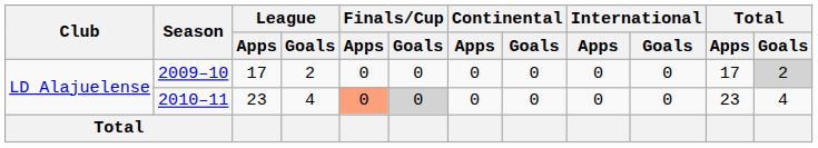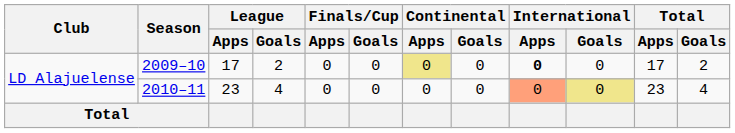 <table class="wikitable" style="text-align: center;">
 <tr>
 <th rowspan="2">Club</th>
 <th rowspan="2">Season</th>
 <th colspan="2">League</th>
 <th colspan="2">Finals/Cup</th>
 <th colspan="2">Continental</th>
 <th colspan="2">International</th>
 <th colspan="2">Total</th>
 </tr>
 <tr>
 <th>Apps</th>
 <th>Goals</th>
 <th>Apps</th>
 <th>Goals</th>
 <th>Apps</th>
 <th>Goals</th>
 <th>Apps</th>
 <th>Goals</th>
 <th>Apps</th>
 <th>Goals</th>
 </tr>
 <tr>
 <td rowspan="2" valign="center"><a href='#'>LD Alajuelense</a></td>
 <td><a href='#'>2009–10</a></td>
 <td>17</td>
 <td>2</td>
 <td>0</td>
 <td>0</td>
+<td style="background: khaki;">0</td>
 <td>0</td>
-<td>0</td>
-<td>0</td>
+<td><strong>0</strong></td>
 <td>0</td>
 <td>17</td>
-<td style="background: lightgrey;">2</td>
+<td>2</td>
 </tr>
 <tr>
 <td><a href='#'>2010–11</a></td>
 <td>23</td>
 <td>4</td>
-<td style="background: lightsalmon;">0</td>
-<td style="background: lightgrey;">0</td>
 <td>0</td>
 <td>0</td>
 <td>0</td>
 <td>0</td>
+<td style="background: lightsalmon;">0</td>
+<td style="background: khaki;">0</td>
 <td>23</td>
 <td>4</td>
 </tr>
 <tr>
 <th colspan="2">Total</th>
 <th></th>
 <th></th>
 <th></th>
 <th></th>
 <th></th>
 <th></th>
 <th></th>
 <th></th>
 <th></th>
 <th></th>
 </tr>
 </table>
